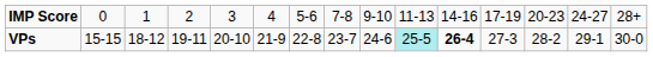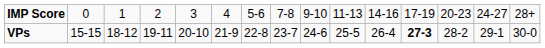 <table class="wikitable" style="float:left; margin-top:-5px; align=center;">
 <tr align=center>
 <td align=left><strong>IMP Score</strong></td>
 <td>0</td>
 <td>1</td>
 <td>2</td>
 <td>3</td>
 <td>4</td>
 <td>5-6</td>
 <td>7-8</td>
 <td>9-10</td>
 <td>11-13</td>
 <td>14-16</td>
 <td>17-19</td>
 <td>20-23</td>
 <td>24-27</td>
 <td>28+</td>
 </tr>
 <tr align=center>
 <td align=left><strong>VPs</strong></td>
 <td>15-15</td>
 <td>18-12</td>
 <td>19-11</td>
 <td>20-10</td>
 <td>21-9</td>
 <td>22-8</td>
 <td>23-7</td>
 <td>24-6</td>
-<td style="background: paleturquoise;">25-5</td>
-<td><strong>26-4</strong></td>
-<td>27-3</td>
+<td>25-5</td>
+<td>26-4</td>
+<td><strong>27-3</strong></td>
 <td>28-2</td>
 <td>29-1</td>
 <td>30-0</td>
 </tr>
 </table>
